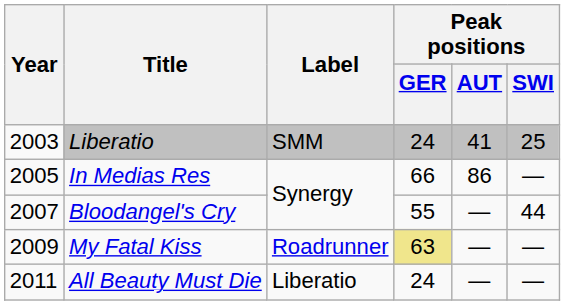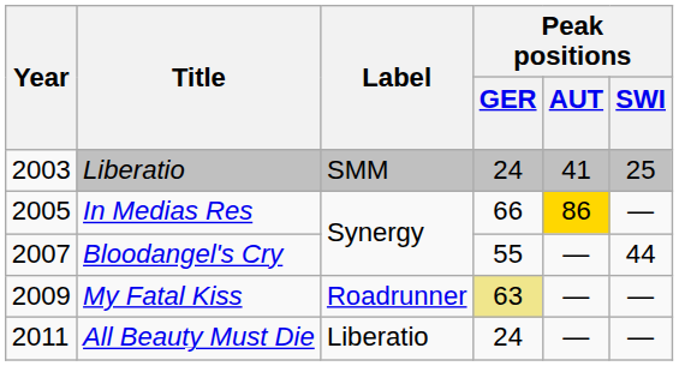 <table class="wikitable">
 <tr>
 <th rowspan="2">Year</th>
 <th rowspan="2">Title</th>
 <th rowspan="2">Label</th>
 <th colspan="3">Peak positions</th>
 </tr>
 <tr>
 <th width="30"><a href='#'>GER</a><br><br></th>
 <th width="30"><a href='#'>AUT</a><br><br></th>
 <th width="30"><a href='#'>SWI</a><br><br></th>
 </tr>
 <tr>
 <td>2003</td>
 <td style="background: silver; color: black"><em>Liberatio</em></td>
 <td style="background: silver; color: black">SMM</td>
 <td style="background: silver; color: black" align="center" >24</td>
 <td style="background: silver; color: black" align="center" >41</td>
 <td style="background: silver; color: black" align="center" >25</td>
 </tr>
 <tr>
 <td>2005</td>
 <td><em><a href='#'>In Medias Res</a></em></td>
 <td rowspan=2>Synergy</td>
 <td align="center" >66</td>
-<td align="center" >86</td>
+<td align="center"  style="background: gold;">86</td>
 <td align="center" >—</td>
 </tr>
 <tr>
 <td>2007</td>
 <td><em><a href='#'>Bloodangel's Cry</a></em></td>
 <td align="center" >55</td>
 <td align="center" >—</td>
 <td align="center" >44</td>
 </tr>
 <tr>
 <td>2009</td>
 <td><em><a href='#'>My Fatal Kiss</a></em></td>
 <td><a href='#'>Roadrunner</a></td>
 <td align="center"  style="background: khaki;">63</td>
 <td align="center" >—</td>
 <td align="center" >—</td>
 </tr>
 <tr>
 <td>2011</td>
 <td><em><a href='#'>All Beauty Must Die</a></em></td>
 <td>Liberatio</td>
 <td align="center" >24</td>
 <td align="center" >—</td>
 <td align="center" >—</td>
 </tr>
 </table>
